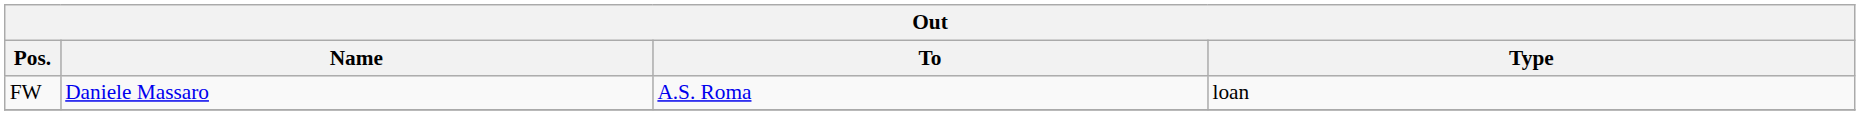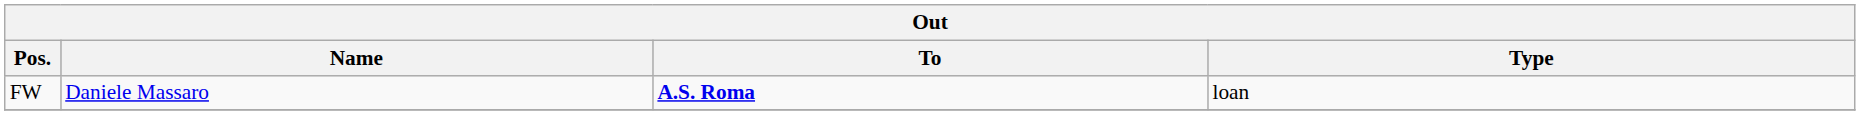 <table class="wikitable" style="font-size:90%;width:99%;">
 <tr>
 <th colspan="4">Out</th>
 </tr>
 <tr>
 <th width=3%>Pos.</th>
 <th width=32%>Name</th>
 <th width=30%>To</th>
 <th width=35%>Type</th>
 </tr>
 <tr>
 <td>FW</td>
 <td><a href='#'>Daniele Massaro</a></td>
-<td><a href='#'>A.S. Roma</a></td>
+<td><strong><a href='#'>A.S. Roma</a></strong></td>
 <td>loan</td>
 </tr>
 <tr>
 </tr>
 </table>
